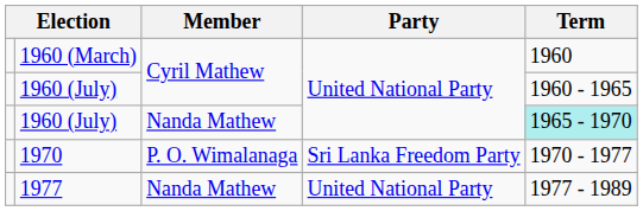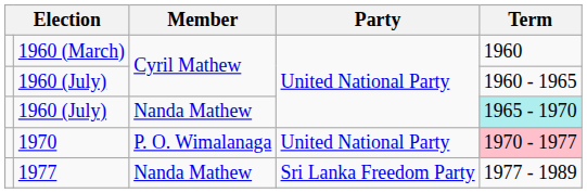 <table class="wikitable">
 <tr>
 <th colspan="2">Election</th>
 <th>Member</th>
 <th>Party</th>
 <th>Term</th>
 </tr>
 <tr>
 <td style="background-color: "></td>
 <td><a href='#'>1960 (March)</a></td>
 <td rowspan="2"><a href='#'>Cyril Mathew</a></td>
 <td rowspan="3"><a href='#'>United National Party</a></td>
 <td>1960</td>
 </tr>
 <tr>
 <td style="background-color: "></td>
 <td><a href='#'>1960 (July)</a></td>
 <td>1960 - 1965</td>
 </tr>
 <tr>
 <td style="background-color: "></td>
 <td><a href='#'>1960 (July)</a></td>
 <td><a href='#'>Nanda Mathew</a></td>
 <td style="background: paleturquoise;">1965 - 1970</td>
 </tr>
 <tr>
 <td style="background-color: "></td>
 <td><a href='#'>1970</a></td>
 <td><a href='#'>P. O. Wimalanaga</a></td>
-<td><a href='#'>Sri Lanka Freedom Party</a></td>
-<td>1970 - 1977</td>
+<td><a href='#'>United National Party</a></td>
+<td style="background: pink;">1970 - 1977</td>
 </tr>
 <tr>
 <td style="background-color: "></td>
 <td><a href='#'>1977</a></td>
 <td><a href='#'>Nanda Mathew</a></td>
-<td><a href='#'>United National Party</a></td>
+<td><a href='#'>Sri Lanka Freedom Party</a></td>
 <td>1977 - 1989</td>
 </tr>
 </table>
